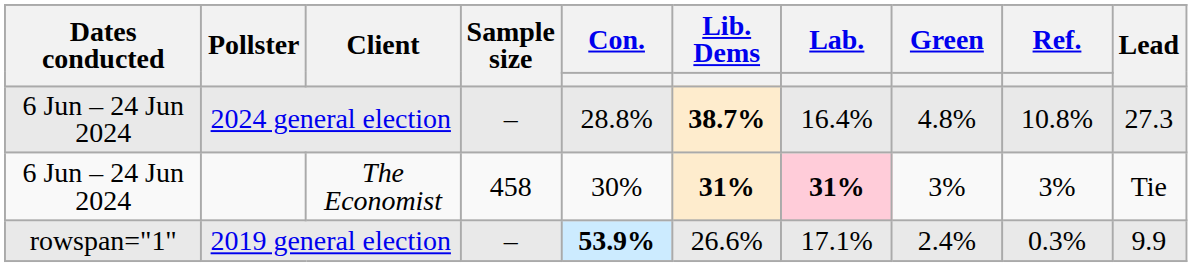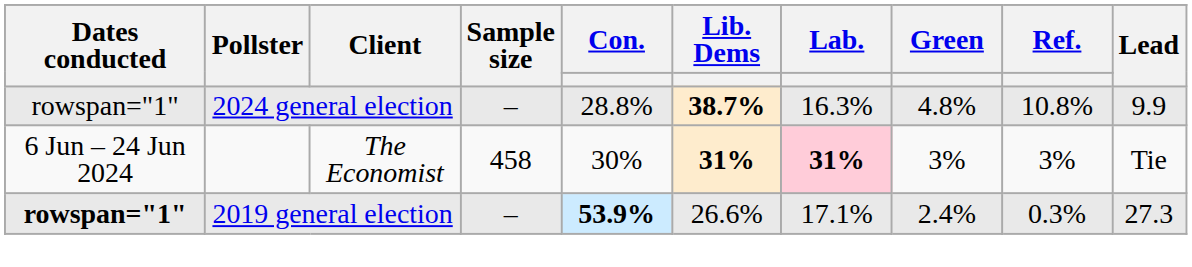 <table class="wikitable sortable mw-datatable" style="text-align:center; font-size:90%; line-height:14px;">
 <tr>
 <th rowspan="2">Dates<br>conducted</th>
 <th rowspan="2">Pollster</th>
 <th rowspan="2">Client</th>
 <th rowspan="2" data-sort-type="number">Sample <br>size</th>
 <th class="unsortable" style="width:50px;"><a href='#'>Con.</a></th>
 <th class="unsortable" style="width:50px;"><a href='#'>Lib. Dems</a></th>
 <th class="unsortable" style="width:50px;"><a href='#'>Lab.</a></th>
 <th class="unsortable" style="width:50px;"><a href='#'>Green</a></th>
 <th class="unsortable" style="width:50px;"><a href='#'>Ref.</a></th>
 <th rowspan="2" data-sort-type="number">Lead</th>
 </tr>
 <tr>
 <th data-sort-type="number" style="background:"></th>
 <th data-sort-type="number" style="background:"></th>
 <th data-sort-type="number" style="background:"></th>
 <th data-sort-type="number" style="background:"></th>
 <th data-sort-type="number" style="background:"></th>
 </tr>
 <tr style="background:#e9e9e9;">
-<td>6 Jun – 24 Jun 2024</td>
+<td>rowspan="1" </td>
 <td colspan="2" rowspan="1"><a href='#'>2024 general election</a></td>
 <td>–</td>
 <td>28.8%</td>
 <td style="background:#FEECCD;"><strong>38.7%</strong></td>
-<td>16.4%</td>
+<td>16.3%</td>
 <td>4.8%</td>
 <td>10.8%</td>
-<td style="background:">27.3</td>
+<td style="background:">9.9</td>
 </tr>
 <tr>
 <td>6 Jun – 24 Jun 2024</td>
 <td></td>
 <td><em>The Economist</em></td>
 <td>458</td>
 <td>30%</td>
 <td style="background:#FEECCD;"><strong>31%</strong></td>
 <td style="background:#FFCCD9;"><strong>31%</strong></td>
 <td>3%</td>
 <td>3%</td>
 <td>Tie</td>
 </tr>
 <tr style="background:#e9e9e9;">
-<td>rowspan="1" </td>
+<td><strong>rowspan="1" </strong></td>
 <td colspan="2" rowspan="1"><a href='#'>2019 general election</a></td>
 <td>–</td>
 <td style="background:#CCEBFF;"><strong>53.9%</strong></td>
 <td>26.6%</td>
 <td>17.1%</td>
 <td>2.4%</td>
 <td>0.3%</td>
-<td style="background:">9.9</td>
+<td style="background:">27.3</td>
 </tr>
 </table>
